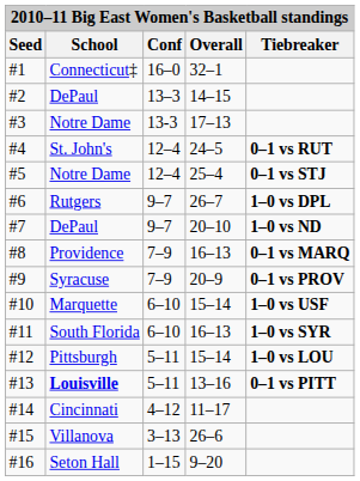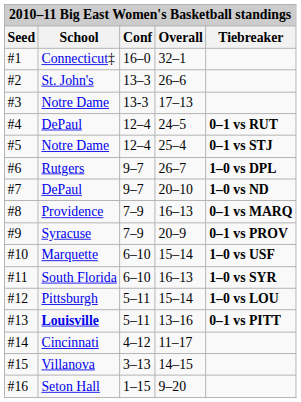 <table class="wikitable">
 <tr>
 <td colspan="7" style="text-align:center; background:#ccc; font:#000;"><strong>2010–11 Big East Women's Basketball standings</strong></td>
 </tr>
 <tr style="background:#efefef;">
 <th>Seed</th>
 <th>School</th>
 <th>Conf</th>
 <th>Overall</th>
 <th>Tiebreaker</th>
 </tr>
 <tr>
 <td>#1</td>
 <td><a href='#'>Connecticut</a>‡</td>
 <td>16–0</td>
 <td>32–1</td>
 <td></td>
 </tr>
 <tr>
 <td>#2</td>
-<td><a href='#'>DePaul</a></td>
+<td><a href='#'>St. John's</a></td>
 <td>13–3</td>
-<td>14–15</td>
+<td>26–6</td>
 <td></td>
 </tr>
 <tr>
 <td>#3</td>
 <td><a href='#'>Notre Dame</a></td>
 <td>13-3</td>
 <td>17–13</td>
 <td></td>
 </tr>
 <tr>
 <td>#4</td>
-<td><a href='#'>St. John's</a></td>
+<td><a href='#'>DePaul</a></td>
 <td>12–4</td>
 <td>24–5</td>
 <td><strong>0–1 vs RUT</strong></td>
 </tr>
 <tr>
 <td>#5</td>
 <td><a href='#'>Notre Dame</a></td>
 <td>12–4</td>
 <td>25–4</td>
 <td><strong>0–1 vs STJ</strong></td>
 </tr>
 <tr>
 <td>#6</td>
 <td><a href='#'>Rutgers</a></td>
 <td>9–7</td>
 <td>26–7</td>
 <td><strong>1–0 vs DPL</strong></td>
 </tr>
 <tr>
 <td>#7</td>
 <td><a href='#'>DePaul</a></td>
 <td>9–7</td>
 <td>20–10</td>
 <td><strong>1–0 vs ND</strong></td>
 </tr>
 <tr>
 <td>#8</td>
 <td><a href='#'>Providence</a></td>
 <td>7–9</td>
 <td>16–13</td>
 <td><strong>0–1 vs MARQ</strong></td>
 </tr>
 <tr>
 <td>#9</td>
 <td><a href='#'>Syracuse</a></td>
 <td>7–9</td>
 <td>20–9</td>
 <td><strong>0–1 vs PROV</strong></td>
 </tr>
 <tr>
 <td>#10</td>
 <td><a href='#'>Marquette</a></td>
 <td>6–10</td>
 <td>15–14</td>
 <td><strong>1–0 vs USF</strong></td>
 </tr>
 <tr>
 <td>#11</td>
 <td><a href='#'>South Florida</a></td>
 <td>6–10</td>
 <td>16–13</td>
 <td><strong>1–0 vs SYR</strong></td>
 </tr>
 <tr>
 <td>#12</td>
 <td><a href='#'>Pittsburgh</a></td>
 <td>5–11</td>
 <td>15–14</td>
 <td><strong>1–0 vs LOU</strong></td>
 </tr>
 <tr>
 <td>#13</td>
 <td><strong><a href='#'>Louisville</a></strong></td>
 <td>5–11</td>
 <td>13–16</td>
 <td><strong>0–1 vs PITT</strong></td>
 </tr>
 <tr>
 <td>#14</td>
 <td><a href='#'>Cincinnati</a></td>
 <td>4–12</td>
 <td>11–17</td>
 <td></td>
 </tr>
 <tr>
 <td>#15</td>
 <td><a href='#'>Villanova</a></td>
 <td>3–13</td>
-<td>26–6</td>
+<td>14–15</td>
 <td></td>
 </tr>
 <tr>
 <td>#16</td>
 <td><a href='#'>Seton Hall</a></td>
 <td>1–15</td>
 <td>9–20</td>
 <td></td>
 </tr>
 </table>
